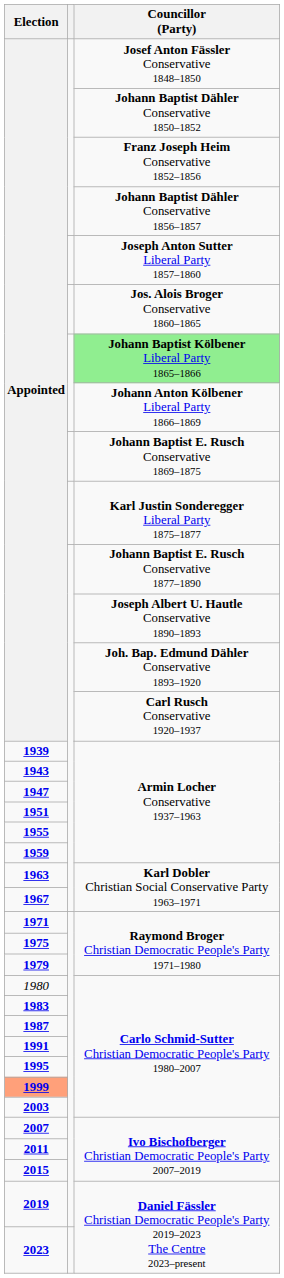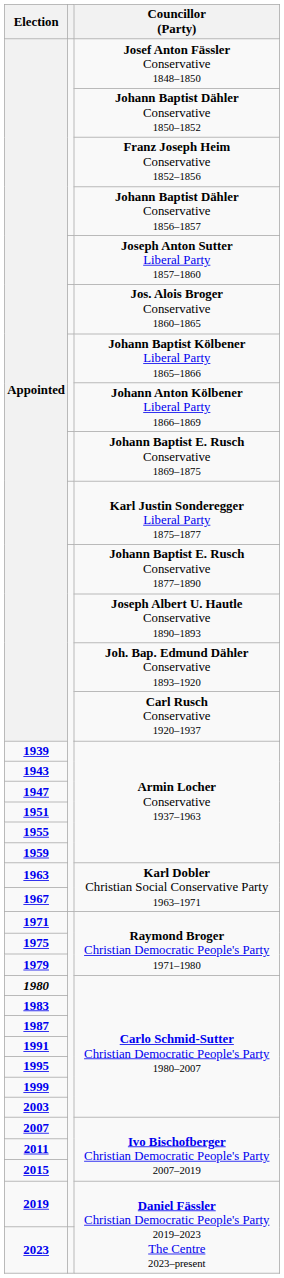 <table class="wikitable" style="text-align:center">
 <tr>
 <th>Election</th>
 <th></th>
 <th scope="col" width="250" colspan = "1">Councillor<br> (Party)</th>
 </tr>
 <tr>
 <th rowspan=15>Appointed</th>
 <td rowspan=4; style="background-color: "></td>
 <td rowspan=1><strong>Josef Anton Fässler</strong><br>Conservative<br><small>1848–1850</small></td>
 </tr>
 <tr>
 <td rowspan=1><strong>Johann Baptist Dähler</strong><br>Conservative<br><small>1850–1852</small></td>
 </tr>
 <tr>
 <td rowspan=1><strong>Franz Joseph Heim</strong><br>Conservative<br><small>1852–1856</small></td>
 </tr>
 <tr>
 <td rowspan=1><strong>Johann Baptist Dähler</strong><br>Conservative<br><small>1856–1857</small></td>
 </tr>
 <tr>
 <td rowspan=1; style="background-color: "></td>
 <td rowspan=1><strong>Joseph Anton Sutter</strong><br><a href='#'>Liberal Party</a><br><small>1857–1860</small></td>
 </tr>
 <tr>
 <td rowspan=1; style="background-color: "></td>
 <td rowspan=1><strong>Jos. Alois Broger</strong><br>Conservative<br><small>1860–1865</small></td>
 </tr>
 <tr>
 <td rowspan=2; style="background-color: "></td>
-<td rowspan=1 style="background: lightgreen;"><strong>Johann Baptist Kölbener</strong><br><a href='#'>Liberal Party</a><br><small>1865–1866</small></td>
+<td rowspan=1><strong>Johann Baptist Kölbener</strong><br><a href='#'>Liberal Party</a><br><small>1865–1866</small></td>
 </tr>
 <tr>
 <td rowspan=1><strong>Johann Anton Kölbener</strong><br><a href='#'>Liberal Party</a><br><small>1866–1869</small></td>
 </tr>
 <tr>
 <td rowspan=1; style="background-color: "></td>
 <td rowspan=1><strong>Johann Baptist E. Rusch</strong><br>Conservative<br><small>1869–1875</small></td>
 </tr>
 <tr>
 <td rowspan=1; style="background-color: "></td>
 <td rowspan=1><br><strong>Karl Justin Sonderegger</strong><br><a href='#'>Liberal Party</a><br><small>1875–1877</small></td>
 </tr>
 <tr>
 <td rowspan=13; style="background-color: "></td>
 <td rowspan=1><strong>Johann Baptist E. Rusch</strong><br>Conservative<br><small>1877–1890</small></td>
 </tr>
 <tr>
 <td rowspan=1><strong>Joseph Albert U. Hautle</strong><br>Conservative<br><small>1890–1893</small></td>
 </tr>
 <tr>
 <td rowspan=1><strong>Joh. Bap. Edmund Dähler</strong><br>Conservative<br><small>1893–1920</small></td>
 </tr>
 <tr>
 <td rowspan=1><strong>Carl Rusch</strong><br>Conservative<br><small>1920–1937</small></td>
 </tr>
 <tr>
 <td rowspan=7><strong>Armin Locher</strong><br>Conservative<br><small>1937–1963</small></td>
 </tr>
 <tr>
 <td><strong><a href='#'>1939</a></strong></td>
 </tr>
 <tr>
 <td><strong><a href='#'>1943</a></strong></td>
 </tr>
 <tr>
 <td><strong><a href='#'>1947</a></strong></td>
 </tr>
 <tr>
 <td><strong><a href='#'>1951</a></strong></td>
 </tr>
 <tr>
 <td><strong><a href='#'>1955</a></strong></td>
 </tr>
 <tr>
 <td><strong><a href='#'>1959</a></strong></td>
 </tr>
 <tr>
 <td><strong><a href='#'>1963</a></strong></td>
 <td rowspan=2><strong>Karl Dobler</strong><br>Christian Social Conservative Party<br><small>1963–1971</small></td>
 </tr>
 <tr>
 <td><strong><a href='#'>1967</a></strong></td>
 </tr>
 <tr>
 <td><strong><a href='#'>1971</a></strong></td>
 <td rowspan=14; style="background-color: "></td>
 <td rowspan=3><br><strong>Raymond Broger</strong><br><a href='#'>Christian Democratic People's Party</a><br><small>1971–1980</small></td>
 </tr>
 <tr>
 <td><strong><a href='#'>1975</a></strong></td>
 </tr>
 <tr>
 <td><strong><a href='#'>1979</a></strong></td>
 </tr>
 <tr>
-<td><em>1980</em></td>
+<td><strong><em>1980</em></strong></td>
 <td rowspan=7><br><strong><a href='#'>Carlo Schmid-Sutter</a></strong><br><a href='#'>Christian Democratic People's Party</a><br><small>1980–2007</small></td>
 </tr>
 <tr>
 <td><strong><a href='#'>1983</a></strong></td>
 </tr>
 <tr>
 <td><strong><a href='#'>1987</a></strong></td>
 </tr>
 <tr>
 <td><strong><a href='#'>1991</a></strong></td>
 </tr>
 <tr>
 <td><strong><a href='#'>1995</a></strong></td>
 </tr>
 <tr>
-<td style="background: lightsalmon;"><strong><a href='#'>1999</a></strong></td>
+<td><strong><a href='#'>1999</a></strong></td>
 </tr>
 <tr>
 <td><strong><a href='#'>2003</a></strong></td>
 </tr>
 <tr>
 <td><strong><a href='#'>2007</a></strong></td>
 <td rowspan=3><br><strong><a href='#'>Ivo Bischofberger</a></strong><br><a href='#'>Christian Democratic People's Party</a><br><small>2007–2019</small></td>
 </tr>
 <tr>
 <td><strong><a href='#'>2011</a></strong></td>
 </tr>
 <tr>
 <td><strong><a href='#'>2015</a></strong></td>
 </tr>
 <tr>
 <td><strong><a href='#'>2019</a></strong></td>
 <td rowspan=2><br><strong><a href='#'>Daniel Fässler</a></strong><br><a href='#'>Christian Democratic People's Party</a><br><small>2019–2023</small><br><a href='#'>The Centre</a><br><small>2023–present</small></td>
 </tr>
 <tr>
 <td><strong><a href='#'>2023</a></strong></td>
 <td rowspan=1; style="background-color: "></td>
 </tr>
 </table>
